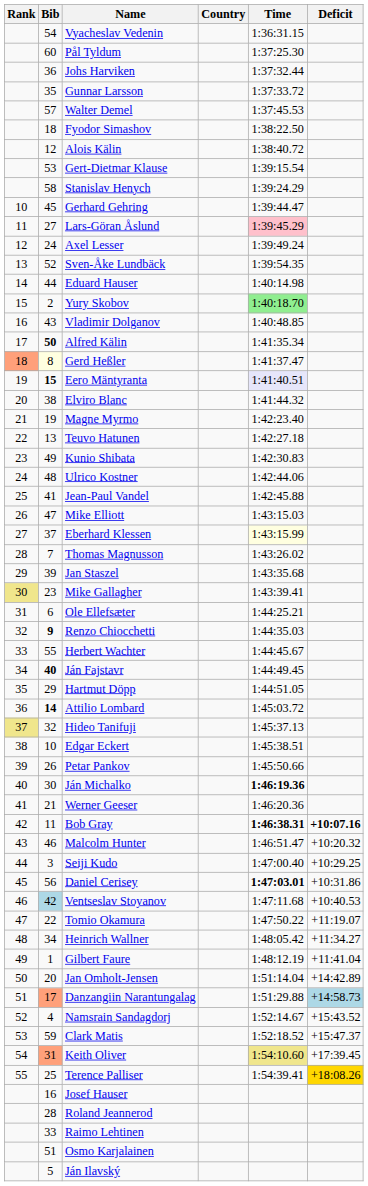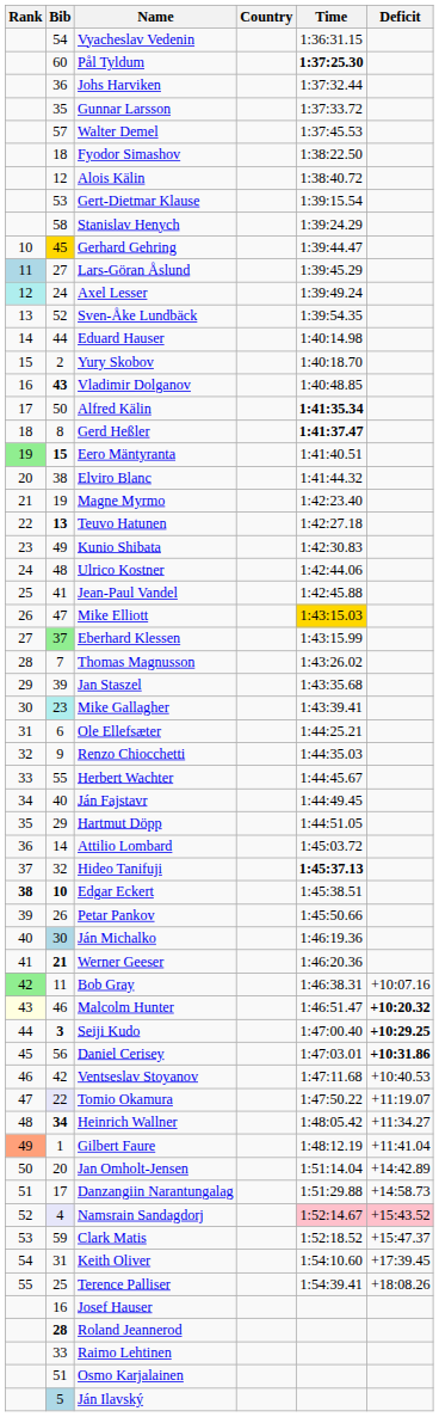 <table class="wikitable sortable" style="text-align:center">
 <tr>
 <th>Rank</th>
 <th>Bib</th>
 <th>Name</th>
 <th>Country</th>
 <th>Time</th>
 <th>Deficit</th>
 </tr>
 <tr>
 <td></td>
 <td>54</td>
 <td align="left"><a href='#'>Vyacheslav Vedenin</a></td>
 <td align="left"></td>
 <td>1:36:31.15</td>
 <td></td>
 </tr>
 <tr>
 <td></td>
 <td>60</td>
 <td align="left"><a href='#'>Pål Tyldum</a></td>
 <td align="left"></td>
-<td>1:37:25.30</td>
+<td><strong>1:37:25.30</strong></td>
 <td align=right></td>
 </tr>
 <tr>
 <td></td>
 <td>36</td>
 <td align="left"><a href='#'>Johs Harviken</a></td>
 <td align="left"></td>
 <td>1:37:32.44</td>
 <td align=right></td>
 </tr>
 <tr>
 <td></td>
 <td>35</td>
 <td align="left"><a href='#'>Gunnar Larsson</a></td>
 <td align="left"></td>
 <td>1:37:33.72</td>
 <td align=right></td>
 </tr>
 <tr>
 <td></td>
 <td>57</td>
 <td align="left"><a href='#'>Walter Demel</a></td>
 <td align="left"></td>
 <td>1:37:45.53</td>
 <td align=right></td>
 </tr>
 <tr>
 <td></td>
 <td>18</td>
 <td align="left"><a href='#'>Fyodor Simashov</a></td>
 <td align="left"></td>
 <td>1:38:22.50</td>
 <td align=right></td>
 </tr>
 <tr>
 <td></td>
 <td>12</td>
 <td align="left"><a href='#'>Alois Kälin</a></td>
 <td align="left"></td>
 <td>1:38:40.72</td>
 <td align=right></td>
 </tr>
 <tr>
 <td></td>
 <td>53</td>
 <td align="left"><a href='#'>Gert-Dietmar Klause</a></td>
 <td align="left"></td>
 <td>1:39:15.54</td>
 <td align=right></td>
 </tr>
 <tr>
 <td></td>
 <td>58</td>
 <td align="left"><a href='#'>Stanislav Henych</a></td>
 <td align="left"></td>
 <td>1:39:24.29</td>
 <td align=right></td>
 </tr>
 <tr>
 <td>10</td>
-<td>45</td>
+<td style="background: gold;">45</td>
 <td align="left"><a href='#'>Gerhard Gehring</a></td>
 <td align="left"></td>
 <td>1:39:44.47</td>
 <td align=right></td>
 </tr>
 <tr>
-<td>11</td>
+<td style="background: lightblue;">11</td>
 <td>27</td>
 <td align="left"><a href='#'>Lars-Göran Åslund</a></td>
 <td align="left"></td>
-<td style="background: pink;">1:39:45.29</td>
+<td>1:39:45.29</td>
 <td align=right></td>
 </tr>
 <tr>
-<td>12</td>
+<td style="background: paleturquoise;">12</td>
 <td>24</td>
 <td align="left"><a href='#'>Axel Lesser</a></td>
 <td align="left"></td>
 <td>1:39:49.24</td>
 <td align=right></td>
 </tr>
 <tr>
 <td>13</td>
 <td>52</td>
 <td align="left"><a href='#'>Sven-Åke Lundbäck</a></td>
 <td align="left"></td>
 <td>1:39:54.35</td>
 <td align=right></td>
 </tr>
 <tr>
 <td>14</td>
 <td>44</td>
 <td align="left"><a href='#'>Eduard Hauser</a></td>
 <td align="left"></td>
 <td>1:40:14.98</td>
 <td align=right></td>
 </tr>
 <tr>
 <td>15</td>
 <td>2</td>
 <td align="left"><a href='#'>Yury Skobov</a></td>
 <td align="left"></td>
-<td style="background: lightgreen;">1:40:18.70</td>
+<td>1:40:18.70</td>
 <td align=right></td>
 </tr>
 <tr>
 <td>16</td>
-<td>43</td>
+<td><strong>43</strong></td>
 <td align="left"><a href='#'>Vladimir Dolganov</a></td>
 <td align="left"></td>
 <td>1:40:48.85</td>
 <td align=right></td>
 </tr>
 <tr>
 <td>17</td>
-<td><strong>50</strong></td>
+<td>50</td>
 <td align="left"><a href='#'>Alfred Kälin</a></td>
 <td align="left"></td>
-<td>1:41:35.34</td>
+<td><strong>1:41:35.34</strong></td>
 <td align=right></td>
 </tr>
 <tr>
-<td style="background: lightsalmon;">18</td>
-<td style="background: lightyellow;">8</td>
+<td>18</td>
+<td>8</td>
 <td align="left"><a href='#'>Gerd Heßler</a></td>
 <td align="left"></td>
-<td>1:41:37.47</td>
+<td><strong>1:41:37.47</strong></td>
 <td align=right></td>
 </tr>
 <tr>
-<td>19</td>
+<td style="background: lightgreen;">19</td>
 <td><strong>15</strong></td>
 <td align="left"><a href='#'>Eero Mäntyranta</a></td>
 <td align="left"></td>
-<td style="background: lavender;">1:41:40.51</td>
+<td>1:41:40.51</td>
 <td align=right></td>
 </tr>
 <tr>
 <td>20</td>
 <td>38</td>
 <td align="left"><a href='#'>Elviro Blanc</a></td>
 <td align="left"></td>
 <td>1:41:44.32</td>
 <td align=right></td>
 </tr>
 <tr>
 <td>21</td>
 <td>19</td>
 <td align="left"><a href='#'>Magne Myrmo</a></td>
 <td align="left"></td>
 <td>1:42:23.40</td>
 <td align=right></td>
 </tr>
 <tr>
 <td>22</td>
-<td>13</td>
+<td><strong>13</strong></td>
 <td align="left"><a href='#'>Teuvo Hatunen</a></td>
 <td align="left"></td>
 <td>1:42:27.18</td>
 <td align=right></td>
 </tr>
 <tr>
 <td>23</td>
 <td>49</td>
 <td align="left"><a href='#'>Kunio Shibata</a></td>
 <td align="left"></td>
 <td>1:42:30.83</td>
 <td align=right></td>
 </tr>
 <tr>
 <td>24</td>
 <td>48</td>
 <td align="left"><a href='#'>Ulrico Kostner</a></td>
 <td align="left"></td>
 <td>1:42:44.06</td>
 <td align=right></td>
 </tr>
 <tr>
 <td>25</td>
 <td>41</td>
 <td align="left"><a href='#'>Jean-Paul Vandel</a></td>
 <td align="left"></td>
 <td>1:42:45.88</td>
 <td align=right></td>
 </tr>
 <tr>
 <td>26</td>
 <td>47</td>
 <td align="left"><a href='#'>Mike Elliott</a></td>
 <td align="left"></td>
-<td>1:43:15.03</td>
+<td style="background: gold;">1:43:15.03</td>
 <td align=right></td>
 </tr>
 <tr>
 <td>27</td>
-<td>37</td>
+<td style="background: lightgreen;">37</td>
 <td align="left"><a href='#'>Eberhard Klessen</a></td>
 <td align="left"></td>
-<td style="background: lightyellow;">1:43:15.99</td>
+<td>1:43:15.99</td>
 <td align=right></td>
 </tr>
 <tr>
 <td>28</td>
 <td>7</td>
 <td align="left"><a href='#'>Thomas Magnusson</a></td>
 <td align="left"></td>
 <td>1:43:26.02</td>
 <td align=right></td>
 </tr>
 <tr>
 <td>29</td>
 <td>39</td>
 <td align="left"><a href='#'>Jan Staszel</a></td>
 <td align="left"></td>
 <td>1:43:35.68</td>
 <td align=right></td>
 </tr>
 <tr>
-<td style="background: khaki;">30</td>
-<td>23</td>
+<td>30</td>
+<td style="background: paleturquoise;">23</td>
 <td align="left"><a href='#'>Mike Gallagher</a></td>
 <td align="left"></td>
 <td>1:43:39.41</td>
 <td align=right></td>
 </tr>
 <tr>
 <td>31</td>
 <td>6</td>
 <td align="left"><a href='#'>Ole Ellefsæter</a></td>
 <td align="left"></td>
 <td>1:44:25.21</td>
 <td align=right></td>
 </tr>
 <tr>
 <td>32</td>
-<td><strong>9</strong></td>
+<td>9</td>
 <td align="left"><a href='#'>Renzo Chiocchetti</a></td>
 <td align="left"></td>
 <td>1:44:35.03</td>
 <td align=right></td>
 </tr>
 <tr>
 <td>33</td>
 <td>55</td>
 <td align="left"><a href='#'>Herbert Wachter</a></td>
 <td align="left"></td>
 <td>1:44:45.67</td>
 <td align=right></td>
 </tr>
 <tr>
 <td>34</td>
-<td><strong>40</strong></td>
+<td>40</td>
 <td align="left"><a href='#'>Ján Fajstavr</a></td>
 <td align="left"></td>
 <td>1:44:49.45</td>
 <td align=right></td>
 </tr>
 <tr>
 <td>35</td>
 <td>29</td>
 <td align="left"><a href='#'>Hartmut Döpp</a></td>
 <td align="left"></td>
 <td>1:44:51.05</td>
 <td align=right></td>
 </tr>
 <tr>
 <td>36</td>
-<td><strong>14</strong></td>
+<td>14</td>
 <td align="left"><a href='#'>Attilio Lombard</a></td>
 <td align="left"></td>
 <td>1:45:03.72</td>
 <td align=right></td>
 </tr>
 <tr>
-<td style="background: khaki;">37</td>
+<td>37</td>
 <td>32</td>
 <td align="left"><a href='#'>Hideo Tanifuji</a></td>
 <td align="left"></td>
-<td>1:45:37.13</td>
+<td><strong>1:45:37.13</strong></td>
 <td align=right></td>
 </tr>
 <tr>
-<td>38</td>
-<td>10</td>
+<td><strong>38</strong></td>
+<td><strong>10</strong></td>
 <td align="left"><a href='#'>Edgar Eckert</a></td>
 <td align="left"></td>
 <td>1:45:38.51</td>
 <td align=right></td>
 </tr>
 <tr>
 <td>39</td>
 <td>26</td>
 <td align="left"><a href='#'>Petar Pankov</a></td>
 <td align="left"></td>
 <td>1:45:50.66</td>
 <td align=right></td>
 </tr>
 <tr>
 <td>40</td>
-<td>30</td>
+<td style="background: lightblue;">30</td>
 <td align="left"><a href='#'>Ján Michalko</a></td>
 <td align="left"></td>
-<td><strong>1:46:19.36</strong></td>
+<td>1:46:19.36</td>
 <td align=right></td>
 </tr>
 <tr>
 <td>41</td>
-<td>21</td>
+<td><strong>21</strong></td>
 <td align="left"><a href='#'>Werner Geeser</a></td>
 <td align="left"></td>
 <td>1:46:20.36</td>
 <td align=right></td>
 </tr>
 <tr>
-<td>42</td>
+<td style="background: lightgreen;">42</td>
 <td>11</td>
 <td align="left"><a href='#'>Bob Gray</a></td>
 <td align="left"></td>
-<td><strong>1:46:38.31</strong></td>
-<td align=right><strong>+10:07.16</strong></td>
+<td>1:46:38.31</td>
+<td align=right>+10:07.16</td>
 </tr>
 <tr>
-<td>43</td>
+<td style="background: lightyellow;">43</td>
 <td>46</td>
 <td align="left"><a href='#'>Malcolm Hunter</a></td>
 <td align="left"></td>
 <td>1:46:51.47</td>
-<td align=right>+10:20.32</td>
+<td align=right><strong>+10:20.32</strong></td>
 </tr>
 <tr>
 <td>44</td>
-<td>3</td>
+<td><strong>3</strong></td>
 <td align="left"><a href='#'>Seiji Kudo</a></td>
 <td align="left"></td>
 <td>1:47:00.40</td>
-<td align=right>+10:29.25</td>
+<td align=right><strong>+10:29.25</strong></td>
 </tr>
 <tr>
 <td>45</td>
 <td>56</td>
 <td align="left"><a href='#'>Daniel Cerisey</a></td>
 <td align="left"></td>
-<td><strong>1:47:03.01</strong></td>
-<td align=right>+10:31.86</td>
+<td>1:47:03.01</td>
+<td align=right><strong>+10:31.86</strong></td>
 </tr>
 <tr>
 <td>46</td>
-<td style="background: lightblue;">42</td>
+<td>42</td>
 <td align="left"><a href='#'>Ventseslav Stoyanov</a></td>
 <td align="left"></td>
 <td>1:47:11.68</td>
 <td align=right>+10:40.53</td>
 </tr>
 <tr>
 <td>47</td>
-<td>22</td>
+<td style="background: lavender;">22</td>
 <td align="left"><a href='#'>Tomio Okamura</a></td>
 <td align="left"></td>
 <td>1:47:50.22</td>
 <td align=right>+11:19.07</td>
 </tr>
 <tr>
 <td>48</td>
-<td>34</td>
+<td><strong>34</strong></td>
 <td align="left"><a href='#'>Heinrich Wallner</a></td>
 <td align="left"></td>
 <td>1:48:05.42</td>
 <td align=right>+11:34.27</td>
 </tr>
 <tr>
-<td>49</td>
+<td style="background: lightsalmon;">49</td>
 <td>1</td>
 <td align="left"><a href='#'>Gilbert Faure</a></td>
 <td align="left"></td>
 <td>1:48:12.19</td>
 <td align=right>+11:41.04</td>
 </tr>
 <tr>
 <td>50</td>
 <td>20</td>
 <td align="left"><a href='#'>Jan Omholt-Jensen</a></td>
 <td align="left"></td>
 <td>1:51:14.04</td>
 <td align=right>+14:42.89</td>
 </tr>
 <tr>
 <td>51</td>
-<td style="background: lightsalmon;">17</td>
+<td>17</td>
 <td align="left"><a href='#'>Danzangiin Narantungalag</a></td>
 <td align="left"></td>
 <td>1:51:29.88</td>
-<td align=right style="background: lightblue;">+14:58.73</td>
+<td align=right>+14:58.73</td>
 </tr>
 <tr>
 <td>52</td>
-<td>4</td>
+<td style="background: lavender;">4</td>
 <td align="left"><a href='#'>Namsrain Sandagdorj</a></td>
 <td align="left"></td>
-<td>1:52:14.67</td>
-<td align=right>+15:43.52</td>
+<td style="background: pink;">1:52:14.67</td>
+<td align=right style="background: pink;">+15:43.52</td>
 </tr>
 <tr>
 <td>53</td>
 <td>59</td>
 <td align="left"><a href='#'>Clark Matis</a></td>
 <td align="left"></td>
 <td>1:52:18.52</td>
 <td align=right>+15:47.37</td>
 </tr>
 <tr>
 <td>54</td>
-<td style="background: lightsalmon;">31</td>
+<td>31</td>
 <td align="left"><a href='#'>Keith Oliver</a></td>
 <td align="left"></td>
-<td style="background: khaki;">1:54:10.60</td>
+<td>1:54:10.60</td>
 <td align=right>+17:39.45</td>
 </tr>
 <tr>
 <td>55</td>
 <td>25</td>
 <td align="left"><a href='#'>Terence Palliser</a></td>
 <td align="left"></td>
 <td>1:54:39.41</td>
-<td align=right style="background: gold;">+18:08.26</td>
+<td align=right>+18:08.26</td>
 </tr>
 <tr>
 <td></td>
 <td>16</td>
 <td align="left"><a href='#'>Josef Hauser</a></td>
 <td align="left"></td>
 <td></td>
 <td></td>
 </tr>
 <tr>
 <td></td>
-<td>28</td>
+<td><strong>28</strong></td>
 <td align="left"><a href='#'>Roland Jeannerod</a></td>
 <td align="left"></td>
 <td></td>
 <td></td>
 </tr>
 <tr>
 <td></td>
 <td>33</td>
 <td align="left"><a href='#'>Raimo Lehtinen</a></td>
 <td align="left"></td>
 <td></td>
 <td></td>
 </tr>
 <tr>
 <td></td>
 <td>51</td>
 <td align="left"><a href='#'>Osmo Karjalainen</a></td>
 <td align="left"></td>
 <td></td>
 <td></td>
 </tr>
 <tr>
 <td></td>
-<td>5</td>
+<td style="background: lightblue;">5</td>
 <td align="left"><a href='#'>Ján Ilavský</a></td>
 <td align="left"></td>
 <td></td>
 <td></td>
 </tr>
 </table>
